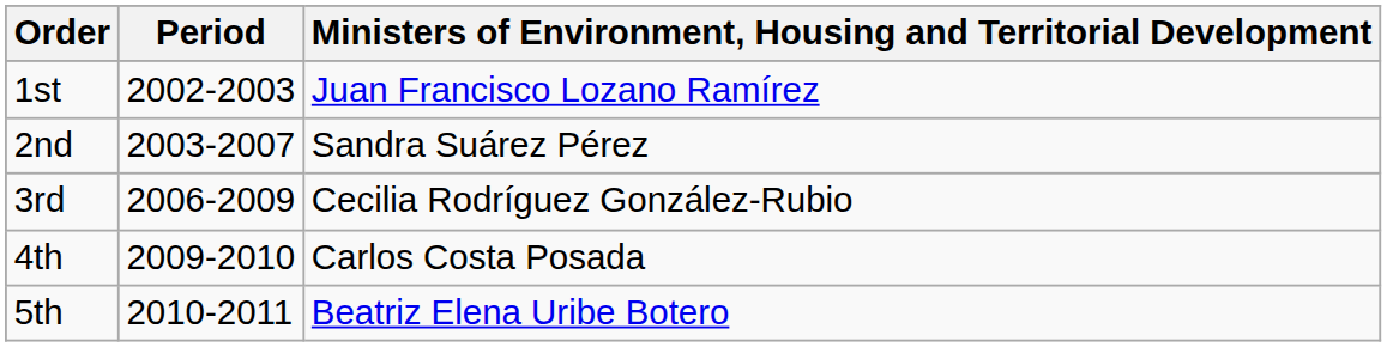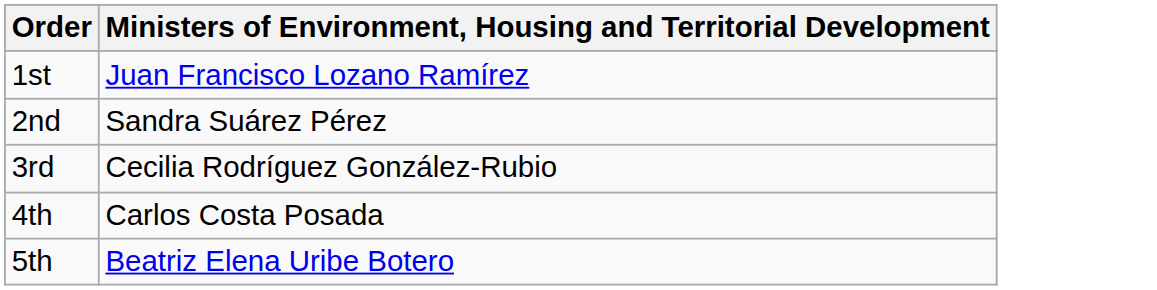 <table class="wikitable">
 <tr>
 <th>Order</th>
-<th>Period</th>
 <th>Ministers of Environment, Housing and Territorial Development</th>
 </tr>
 <tr>
 <td>1st</td>
-<td>2002-2003</td>
 <td><a href='#'>Juan Francisco Lozano Ramírez</a></td>
 </tr>
 <tr>
 <td>2nd</td>
-<td>2003-2007</td>
 <td>Sandra Suárez Pérez</td>
 </tr>
 <tr>
 <td>3rd</td>
-<td>2006-2009</td>
 <td>Cecilia Rodríguez González-Rubio</td>
 </tr>
 <tr>
 <td>4th</td>
-<td>2009-2010</td>
 <td>Carlos Costa Posada</td>
 </tr>
 <tr>
 <td>5th</td>
-<td>2010-2011</td>
 <td><a href='#'>Beatriz Elena Uribe Botero</a></td>
 </tr>
 </table>
